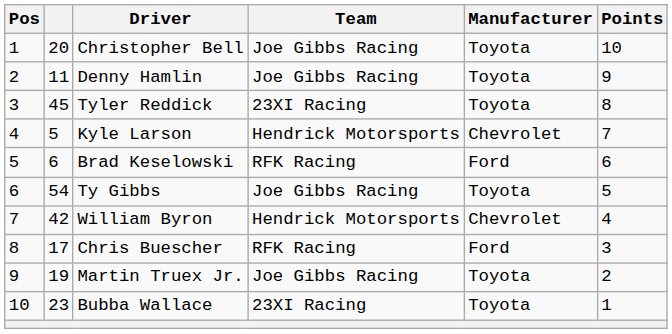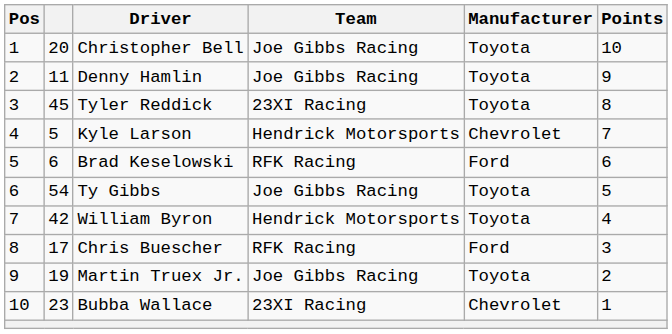 <table class="wikitable" style="font-size:98%">
 <tr>
 <th>Pos</th>
 <th></th>
 <th>Driver</th>
 <th>Team</th>
 <th>Manufacturer</th>
 <th>Points</th>
 </tr>
 <tr>
 <td>1</td>
 <td>20</td>
 <td>Christopher Bell</td>
 <td>Joe Gibbs Racing</td>
 <td>Toyota</td>
 <td>10</td>
 </tr>
 <tr>
 <td>2</td>
 <td>11</td>
 <td>Denny Hamlin</td>
 <td>Joe Gibbs Racing</td>
 <td>Toyota</td>
 <td>9</td>
 </tr>
 <tr>
 <td>3</td>
 <td>45</td>
 <td>Tyler Reddick</td>
 <td>23XI Racing</td>
 <td>Toyota</td>
 <td>8</td>
 </tr>
 <tr>
 <td>4</td>
 <td>5</td>
 <td>Kyle Larson</td>
 <td>Hendrick Motorsports</td>
 <td>Chevrolet</td>
 <td>7</td>
 </tr>
 <tr>
 <td>5</td>
 <td>6</td>
 <td>Brad Keselowski</td>
 <td>RFK Racing</td>
 <td>Ford</td>
 <td>6</td>
 </tr>
 <tr>
 <td>6</td>
 <td>54</td>
 <td>Ty Gibbs</td>
 <td>Joe Gibbs Racing</td>
 <td>Toyota</td>
 <td>5</td>
 </tr>
 <tr>
 <td>7</td>
 <td>42</td>
 <td>William Byron</td>
 <td>Hendrick Motorsports</td>
-<td>Chevrolet</td>
+<td>Toyota</td>
 <td>4</td>
 </tr>
 <tr>
 <td>8</td>
 <td>17</td>
 <td>Chris Buescher</td>
 <td>RFK Racing</td>
 <td>Ford</td>
 <td>3</td>
 </tr>
 <tr>
 <td>9</td>
 <td>19</td>
 <td>Martin Truex Jr.</td>
 <td>Joe Gibbs Racing</td>
 <td>Toyota</td>
 <td>2</td>
 </tr>
 <tr>
 <td>10</td>
 <td>23</td>
 <td>Bubba Wallace</td>
 <td>23XI Racing</td>
-<td>Toyota</td>
+<td>Chevrolet</td>
 <td>1</td>
 </tr>
 <tr>
 <th colspan="6"></th>
 </tr>
 </table>
